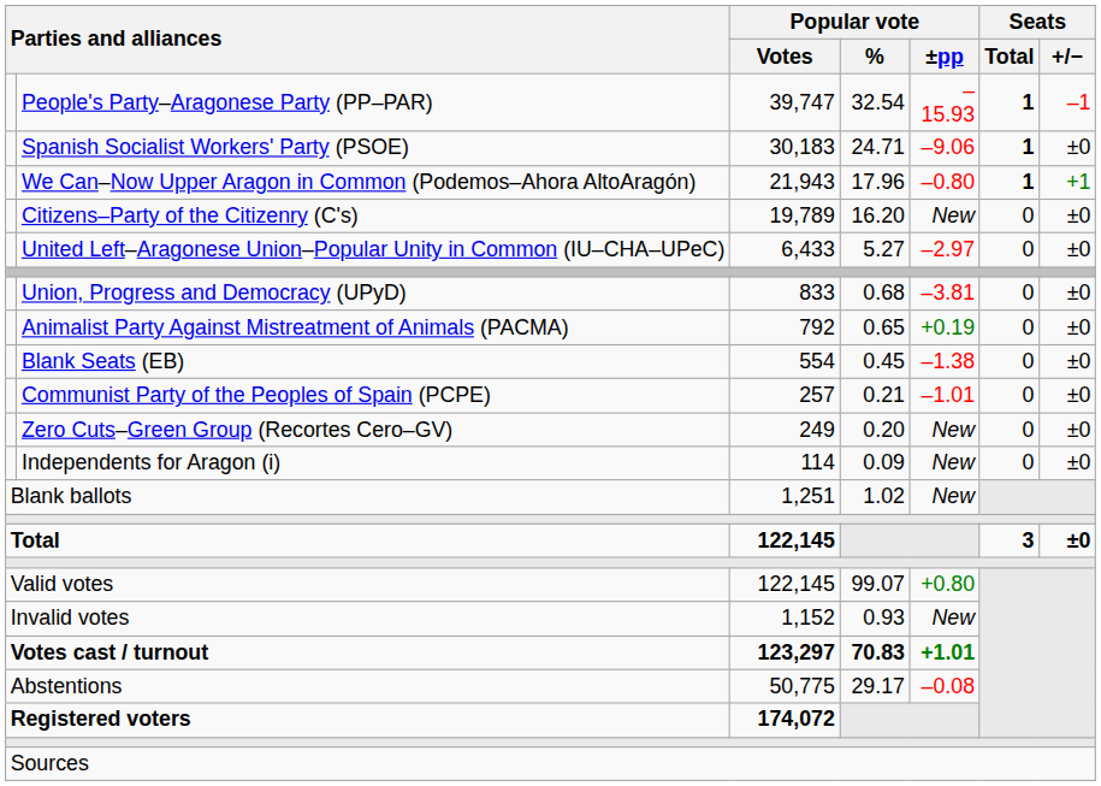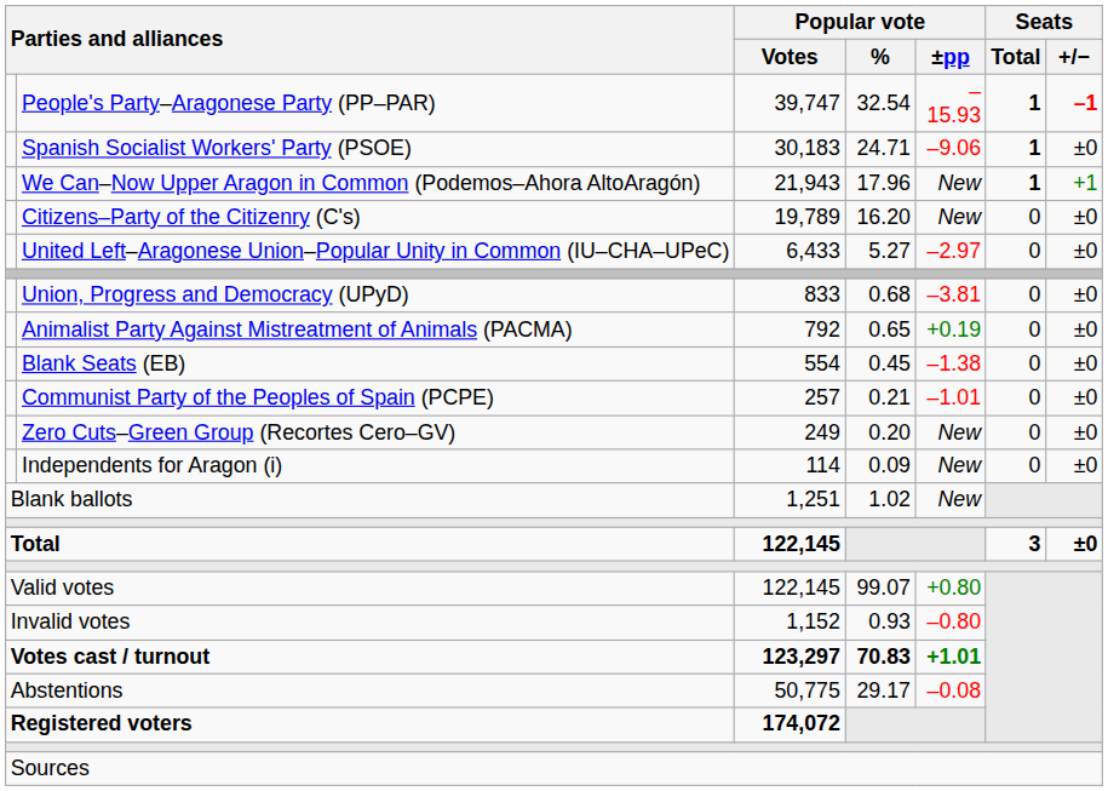 <table class="wikitable" style="text-align:right;">
 <tr>
 <th style="text-align:left;" rowspan="2" colspan="2" width="525">Parties and alliances</th>
 <th colspan="3">Popular vote</th>
 <th colspan="2">Seats</th>
 </tr>
 <tr>
 <th width="75">Votes</th>
 <th width="45">%</th>
 <th width="45">±<a href='#'>pp</a></th>
 <th width="35">Total</th>
 <th width="35">+/−</th>
 </tr>
 <tr>
 <td width="1" style="color:inherit;background:"></td>
 <td align="left"><a href='#'>People's Party</a>–<a href='#'>Aragonese Party</a> (PP–PAR)</td>
 <td>39,747</td>
 <td>32.54</td>
 <td style="color:red;">–15.93</td>
 <td><strong>1</strong></td>
-<td style="color:red;">–1</td>
+<td style="color:red;"><strong>–1</strong></td>
 </tr>
 <tr>
 <td style="color:inherit;background:"></td>
 <td align="left"><a href='#'>Spanish Socialist Workers' Party</a> (PSOE)</td>
 <td>30,183</td>
 <td>24.71</td>
 <td style="color:red;">–9.06</td>
 <td><strong>1</strong></td>
 <td>±0</td>
 </tr>
 <tr>
 <td style="color:inherit;background:"></td>
 <td align="left"><a href='#'>We Can</a>–<a href='#'>Now Upper Aragon in Common</a> (Podemos–Ahora AltoAragón)</td>
 <td>21,943</td>
 <td>17.96</td>
-<td style="color:red;">–0.80</td>
+<td><em>New</em></td>
 <td><strong>1</strong></td>
 <td style="color:green;">+1</td>
 </tr>
 <tr>
 <td style="color:inherit;background:"></td>
 <td align="left"><a href='#'>Citizens–Party of the Citizenry</a> (C's)</td>
 <td>19,789</td>
 <td>16.20</td>
 <td><em>New</em></td>
 <td>0</td>
 <td>±0</td>
 </tr>
 <tr>
 <td style="color:inherit;background:"></td>
 <td align="left"><a href='#'>United Left</a>–<a href='#'>Aragonese Union</a>–<a href='#'>Popular Unity in Common</a> (IU–CHA–UPeC)</td>
 <td>6,433</td>
 <td>5.27</td>
 <td style="color:red;">–2.97</td>
 <td>0</td>
 <td>±0</td>
 </tr>
 <tr>
 <td colspan="7" bgcolor="#C0C0C0"></td>
 </tr>
 <tr>
 <td style="color:inherit;background:"></td>
 <td align="left"><a href='#'>Union, Progress and Democracy</a> (UPyD)</td>
 <td>833</td>
 <td>0.68</td>
 <td style="color:red;">–3.81</td>
 <td>0</td>
 <td>±0</td>
 </tr>
 <tr>
 <td style="color:inherit;background:"></td>
 <td align="left"><a href='#'>Animalist Party Against Mistreatment of Animals</a> (PACMA)</td>
 <td>792</td>
 <td>0.65</td>
 <td style="color:green;">+0.19</td>
 <td>0</td>
 <td>±0</td>
 </tr>
 <tr>
 <td style="color:inherit;background:"></td>
 <td align="left"><a href='#'>Blank Seats</a> (EB)</td>
 <td>554</td>
 <td>0.45</td>
 <td style="color:red;">–1.38</td>
 <td>0</td>
 <td>±0</td>
 </tr>
 <tr>
 <td style="color:inherit;background:"></td>
 <td align="left"><a href='#'>Communist Party of the Peoples of Spain</a> (PCPE)</td>
 <td>257</td>
 <td>0.21</td>
 <td style="color:red;">–1.01</td>
 <td>0</td>
 <td>±0</td>
 </tr>
 <tr>
 <td style="color:inherit;background:"></td>
 <td align="left"><a href='#'>Zero Cuts</a>–<a href='#'>Green Group</a> (Recortes Cero–GV)</td>
 <td>249</td>
 <td>0.20</td>
 <td><em>New</em></td>
 <td>0</td>
 <td>±0</td>
 </tr>
 <tr>
 <td style="color:inherit;background:"></td>
 <td align="left">Independents for Aragon (i)</td>
 <td>114</td>
 <td>0.09</td>
 <td><em>New</em></td>
 <td>0</td>
 <td>±0</td>
 </tr>
 <tr>
 <td align="left" colspan="2">Blank ballots</td>
 <td>1,251</td>
 <td>1.02</td>
 <td><em>New</em></td>
 <td bgcolor="#E9E9E9" colspan="2"></td>
 </tr>
 <tr>
 <td colspan="7" bgcolor="#E9E9E9"></td>
 </tr>
 <tr style="font-weight:bold;">
 <td align="left" colspan="2">Total</td>
 <td>122,145</td>
 <td bgcolor="#E9E9E9" colspan="2"></td>
 <td>3</td>
 <td>±0</td>
 </tr>
 <tr>
 <td colspan="7" bgcolor="#E9E9E9"></td>
 </tr>
 <tr>
 <td align="left" colspan="2">Valid votes</td>
 <td>122,145</td>
 <td>99.07</td>
 <td style="color:green;">+0.80</td>
 <td bgcolor="#E9E9E9" colspan="2" rowspan="5"></td>
 </tr>
 <tr>
 <td align="left" colspan="2">Invalid votes</td>
 <td>1,152</td>
 <td>0.93</td>
-<td><em>New</em></td>
+<td style="color:red;">–0.80</td>
 </tr>
 <tr style="font-weight:bold;">
 <td align="left" colspan="2">Votes cast / turnout</td>
 <td>123,297</td>
 <td>70.83</td>
 <td style="color:green;">+1.01</td>
 </tr>
 <tr>
 <td align="left" colspan="2">Abstentions</td>
 <td>50,775</td>
 <td>29.17</td>
 <td style="color:red;">–0.08</td>
 </tr>
 <tr style="font-weight:bold;">
 <td align="left" colspan="2">Registered voters</td>
 <td>174,072</td>
 <td bgcolor="#E9E9E9" colspan="2"></td>
 </tr>
 <tr>
 <td colspan="7" bgcolor="#E9E9E9"></td>
 </tr>
 <tr>
 <td align="left" colspan="7">Sources</td>
 </tr>
 </table>
